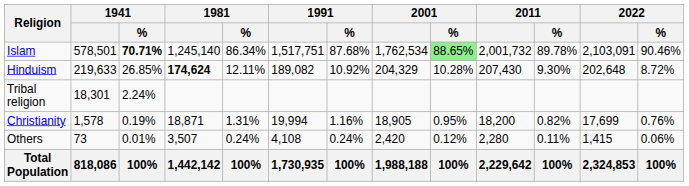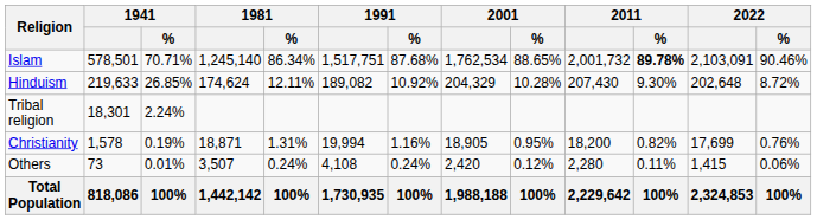 <table class="wikitable sortable">
 <tr>
 <th rowspan="2">Religion</th>
 <th colspan="2">1941</th>
 <th colspan="2">1981</th>
 <th colspan="2">1991</th>
 <th colspan="2">2001</th>
 <th colspan="2">2011</th>
 <th colspan="2">2022</th>
 </tr>
 <tr>
 <th></th>
 <th>%</th>
 <th></th>
 <th>%</th>
 <th></th>
 <th>%</th>
 <th></th>
 <th>%</th>
 <th></th>
 <th>%</th>
 <th></th>
 <th>%</th>
 </tr>
 <tr>
 <td><a href='#'>Islam</a> </td>
 <td>578,501</td>
-<td><strong>70.71%</strong></td>
+<td>70.71%</td>
 <td>1,245,140</td>
 <td>86.34%</td>
 <td>1,517,751</td>
 <td>87.68%</td>
 <td>1,762,534</td>
-<td style="background: lightgreen;">88.65%</td>
+<td>88.65%</td>
 <td>2,001,732</td>
-<td>89.78%</td>
+<td><strong>89.78%</strong></td>
 <td>2,103,091</td>
 <td>90.46%</td>
 </tr>
 <tr>
 <td><a href='#'>Hinduism</a> </td>
 <td>219,633</td>
 <td>26.85%</td>
-<td><strong>174,624</strong></td>
+<td>174,624</td>
 <td>12.11%</td>
 <td>189,082</td>
 <td>10.92%</td>
 <td>204,329</td>
 <td>10.28%</td>
 <td>207,430</td>
 <td>9.30%</td>
 <td>202,648</td>
 <td>8.72%</td>
 </tr>
 <tr>
 <td>Tribal religion</td>
 <td>18,301</td>
 <td>2.24%</td>
 <td></td>
 <td></td>
 <td></td>
 <td></td>
 <td></td>
 <td></td>
 <td></td>
 <td></td>
 <td></td>
 <td></td>
 </tr>
 <tr>
 <td><a href='#'>Christianity</a> </td>
 <td>1,578</td>
 <td>0.19%</td>
 <td>18,871</td>
 <td>1.31%</td>
 <td>19,994</td>
 <td>1.16%</td>
 <td>18,905</td>
 <td>0.95%</td>
 <td>18,200</td>
 <td>0.82%</td>
 <td>17,699</td>
 <td>0.76%</td>
 </tr>
 <tr>
 <td>Others</td>
 <td>73</td>
 <td>0.01%</td>
 <td>3,507</td>
 <td>0.24%</td>
 <td>4,108</td>
 <td>0.24%</td>
 <td>2,420</td>
 <td>0.12%</td>
 <td>2,280</td>
 <td>0.11%</td>
 <td>1,415</td>
 <td>0.06%</td>
 </tr>
 <tr>
 <th>Total Population</th>
 <th>818,086</th>
 <th>100%</th>
 <th>1,442,142</th>
 <th>100%</th>
 <th>1,730,935</th>
 <th>100%</th>
 <th>1,988,188</th>
 <th>100%</th>
 <th>2,229,642</th>
 <th>100%</th>
 <th>2,324,853</th>
 <th>100%</th>
 </tr>
 </table>
